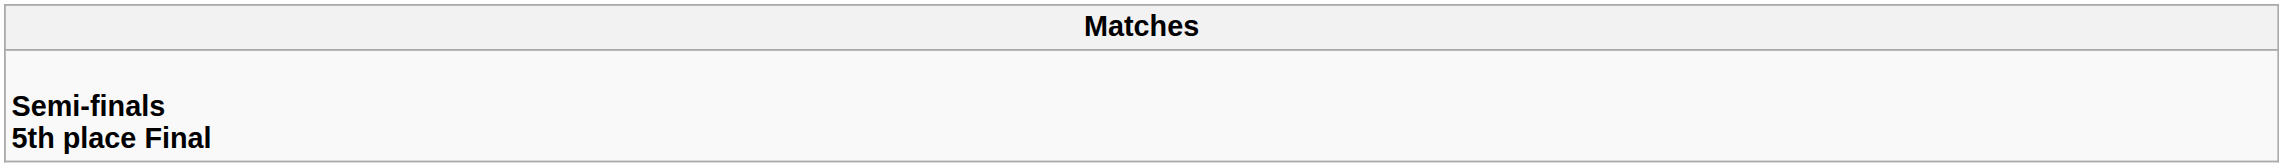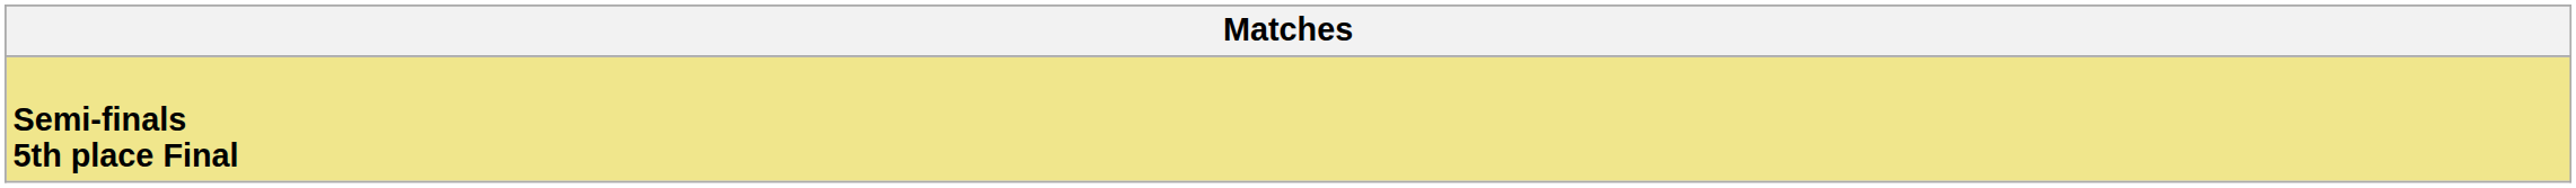 <table class="wikitable collapsible collapsed" style="width:100%;">
 <tr>
 <th>Matches</th>
 </tr>
 <tr>
-<td><br><strong>Semi-finals</strong>  <br><strong>5th place Final</strong> </td>
+<td style="background: khaki;"><br><strong>Semi-finals</strong>  <br><strong>5th place Final</strong> </td>
 </tr>
 </table>
